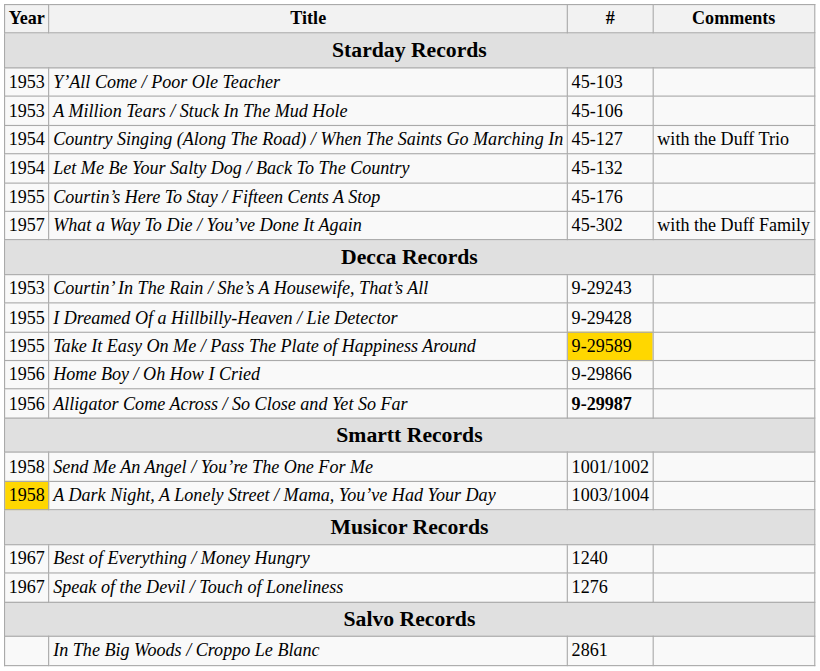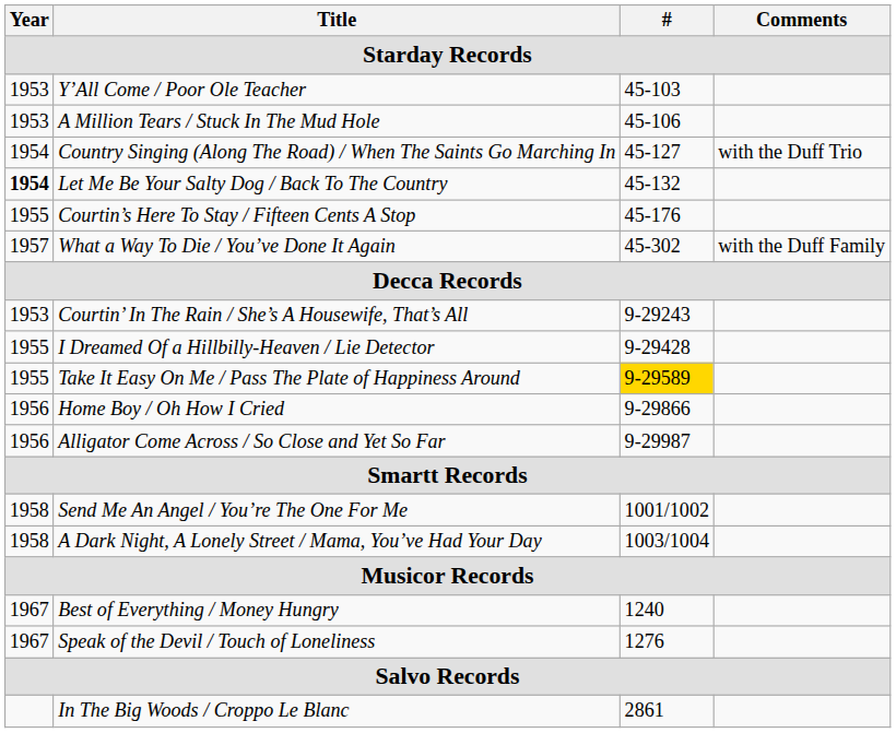 <table class="wikitable">
 <tr class="hintergrundfarbe8">
 <th>Year</th>
 <th>Title</th>
 <th>#</th>
 <th>Comments</th>
 </tr>
 <tr>
 <td colspan="4" style="background:#E0E0E0; font-size:larger; text-align:center;"><strong>Starday Records</strong></td>
 </tr>
 <tr>
 <td>1953</td>
 <td><em>Y’All Come / Poor Ole Teacher</em></td>
 <td>45-103</td>
 <td></td>
 </tr>
 <tr>
 <td>1953</td>
 <td><em>A Million Tears / Stuck In The Mud Hole</em></td>
 <td>45-106</td>
 <td></td>
 </tr>
 <tr>
 <td>1954</td>
 <td><em>Country Singing (Along The Road) / When The Saints Go Marching In</em></td>
 <td>45-127</td>
 <td>with the Duff Trio</td>
 </tr>
 <tr>
-<td>1954</td>
+<td><strong>1954</strong></td>
 <td><em>Let Me Be Your Salty Dog / Back To The Country</em></td>
 <td>45-132</td>
 <td></td>
 </tr>
 <tr>
 <td>1955</td>
 <td><em>Courtin’s Here To Stay / Fifteen Cents A Stop</em></td>
 <td>45-176</td>
 <td></td>
 </tr>
 <tr>
 <td>1957</td>
 <td><em>What a Way To Die / You’ve Done It Again</em></td>
 <td>45-302</td>
 <td>with the Duff Family</td>
 </tr>
 <tr>
 <td colspan="4" style="background:#E0E0E0; font-size:larger; text-align:center;"><strong>Decca Records</strong></td>
 </tr>
 <tr>
 <td>1953</td>
 <td><em>Courtin’ In The Rain / She’s A Housewife, That’s All</em></td>
 <td>9-29243</td>
 <td></td>
 </tr>
 <tr>
 <td>1955</td>
 <td><em>I Dreamed Of a Hillbilly-Heaven / Lie Detector</em></td>
 <td>9-29428</td>
 <td></td>
 </tr>
 <tr>
 <td>1955</td>
 <td><em>Take It Easy On Me / Pass The Plate of Happiness Around</em></td>
 <td style="background: gold;">9-29589</td>
 <td></td>
 </tr>
 <tr>
 <td>1956</td>
 <td><em>Home Boy / Oh How I Cried</em></td>
 <td>9-29866</td>
 <td></td>
 </tr>
 <tr>
 <td>1956</td>
 <td><em>Alligator Come Across / So Close and Yet So Far</em></td>
-<td><strong>9-29987</strong></td>
+<td>9-29987</td>
 <td></td>
 </tr>
 <tr>
 <td colspan="4" style="background:#E0E0E0; font-size:larger; text-align:center;"><strong>Smartt Records</strong></td>
 </tr>
 <tr>
 <td>1958</td>
 <td><em>Send Me An Angel / You’re The One For Me</em></td>
 <td>1001/1002</td>
 <td></td>
 </tr>
 <tr>
-<td style="background: gold;">1958</td>
+<td>1958</td>
 <td><em>A Dark Night, A Lonely Street / Mama, You’ve Had Your Day</em></td>
 <td>1003/1004</td>
 <td></td>
 </tr>
 <tr>
 <td colspan="4" style="background:#E0E0E0; font-size:larger; text-align:center;"><strong>Musicor Records</strong></td>
 </tr>
 <tr>
 <td>1967</td>
 <td><em>Best of Everything / Money Hungry</em></td>
 <td>1240</td>
 <td></td>
 </tr>
 <tr>
 <td>1967</td>
 <td><em>Speak of the Devil / Touch of Loneliness</em></td>
 <td>1276</td>
 <td></td>
 </tr>
 <tr>
 <td colspan="4" style="background:#E0E0E0; font-size:larger; text-align:center;"><strong>Salvo Records</strong></td>
 </tr>
 <tr>
 <td></td>
 <td><em>In The Big Woods / Croppo Le Blanc</em></td>
 <td>2861</td>
 <td></td>
 </tr>
 </table>
